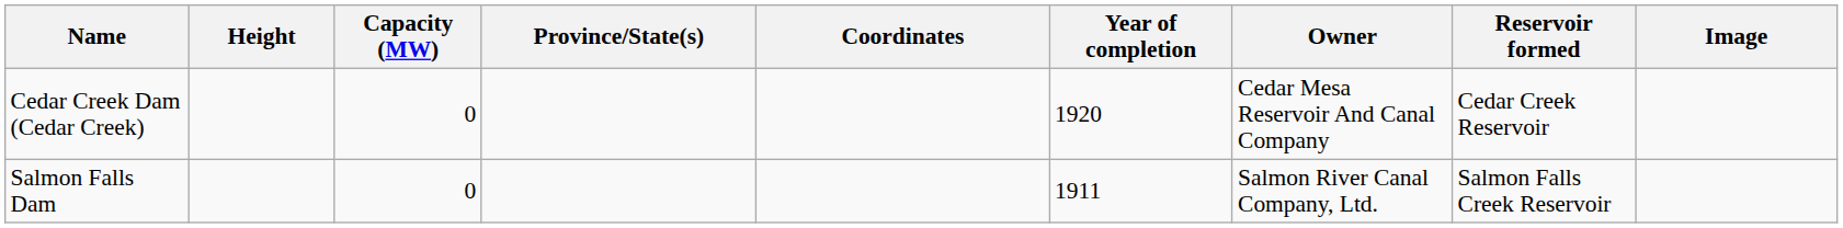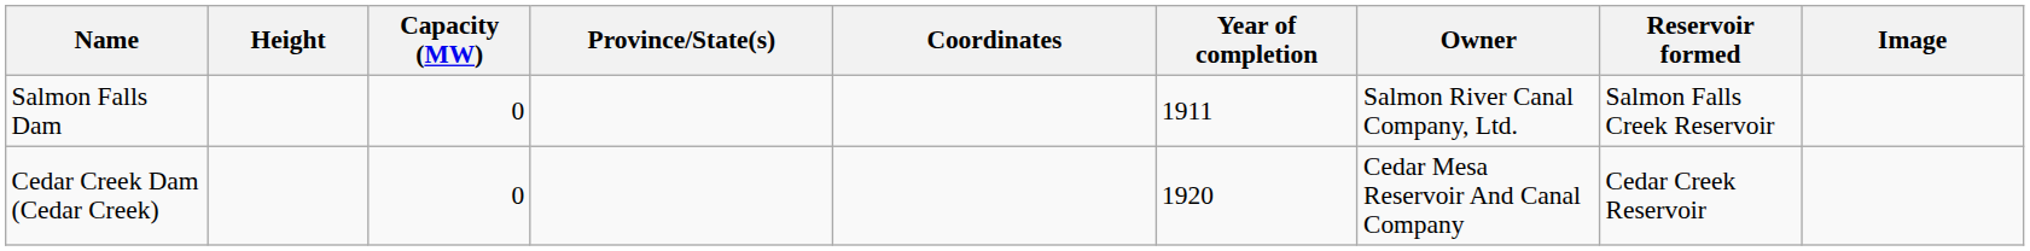 <table class="wikitable sortable" border="1">
 <tr>
 <th width="10%">Name</th>
 <th width="8%">Height</th>
 <th width="8%">Capacity (<a href='#'>MW</a>)</th>
 <th width="15%">Province/State(s)</th>
 <th width="16%">Coordinates</th>
 <th width="10%">Year of completion</th>
 <th width="12%">Owner</th>
 <th width="10%">Reservoir formed</th>
 <th>Image</th>
 </tr>
 <tr>
+<td>Salmon Falls Dam</td>
+<td></td>
+<td align="right">0</td>
+<td></td>
+<td></td>
+<td>1911</td>
+<td>Salmon River Canal Company, Ltd.</td>
+<td>Salmon Falls Creek Reservoir</td>
+<td></td>
+</tr>
+<tr>
 <td>Cedar Creek Dam (Cedar Creek)</td>
 <td></td>
 <td align="right">0</td>
 <td></td>
 <td></td>
 <td>1920</td>
 <td>Cedar Mesa Reservoir And Canal Company</td>
 <td>Cedar Creek Reservoir</td>
 <td></td>
 </tr>
-<tr>
-<td>Salmon Falls Dam</td>
-<td></td>
-<td align="right">0</td>
-<td></td>
-<td></td>
-<td>1911</td>
-<td>Salmon River Canal Company, Ltd.</td>
-<td>Salmon Falls Creek Reservoir</td>
-<td></td>
-</tr>
 </table>
